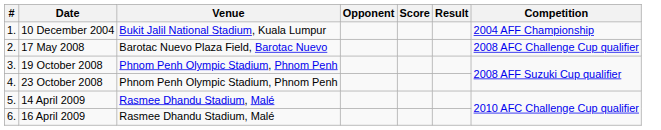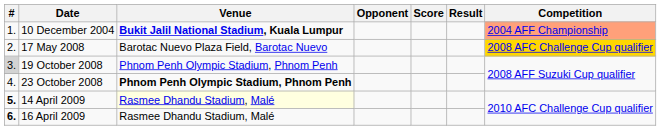 <table class="wikitable" style="font-size:90%">
 <tr>
 <th>#</th>
 <th>Date</th>
 <th>Venue</th>
 <th>Opponent</th>
 <th>Score</th>
 <th>Result</th>
 <th>Competition</th>
 </tr>
 <tr>
 <td>1.</td>
 <td>10 December 2004</td>
-<td><a href='#'>Bukit Jalil National Stadium</a>, Kuala Lumpur</td>
+<td><strong><a href='#'>Bukit Jalil National Stadium</a>, Kuala Lumpur</strong></td>
 <td></td>
 <td></td>
 <td></td>
-<td><a href='#'>2004 AFF Championship</a></td>
+<td style="background: lightsalmon;"><a href='#'>2004 AFF Championship</a></td>
 </tr>
 <tr>
 <td>2.</td>
 <td>17 May 2008</td>
 <td>Barotac Nuevo Plaza Field, <a href='#'>Barotac Nuevo</a></td>
 <td></td>
 <td></td>
 <td></td>
-<td><a href='#'>2008 AFC Challenge Cup qualifier</a></td>
+<td style="background: gold;"><a href='#'>2008 AFC Challenge Cup qualifier</a></td>
 </tr>
 <tr>
-<td>3.</td>
+<td style="background: lightgrey;">3.</td>
 <td>19 October 2008</td>
 <td><a href='#'>Phnom Penh Olympic Stadium</a>, <a href='#'>Phnom Penh</a></td>
 <td></td>
 <td></td>
 <td></td>
 <td rowspan=2><a href='#'>2008 AFF Suzuki Cup qualifier</a></td>
 </tr>
 <tr>
 <td>4.</td>
 <td>23 October 2008</td>
-<td>Phnom Penh Olympic Stadium, Phnom Penh</td>
+<td><strong>Phnom Penh Olympic Stadium, Phnom Penh</strong></td>
 <td></td>
 <td></td>
 <td></td>
 </tr>
 <tr>
-<td>5.</td>
+<td><strong>5.</strong></td>
 <td>14 April 2009</td>
-<td><a href='#'>Rasmee Dhandu Stadium</a>, <a href='#'>Malé</a></td>
+<td style="background: lightyellow;"><a href='#'>Rasmee Dhandu Stadium</a>, <a href='#'>Malé</a></td>
 <td></td>
 <td></td>
 <td></td>
 <td rowspan=2><a href='#'>2010 AFC Challenge Cup qualifier</a></td>
 </tr>
 <tr>
-<td>6.</td>
+<td><strong>6.</strong></td>
 <td>16 April 2009</td>
 <td>Rasmee Dhandu Stadium, Malé</td>
 <td></td>
 <td></td>
 <td></td>
 </tr>
 </table>
